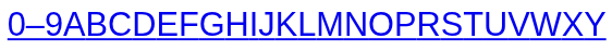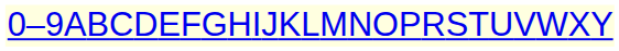 <table id="toc" class="toc" summary="Class">
 <tr>
 <th></th>
 </tr>
 <tr>
-<td style="text-align:center;"><a href='#'>0–9</a><a href='#'>A</a><a href='#'>B</a><a href='#'>C</a><a href='#'>D</a><a href='#'>E</a><a href='#'>F</a><a href='#'>G</a><a href='#'>H</a><a href='#'>I</a><a href='#'>J</a><a href='#'>K</a><a href='#'>L</a><a href='#'>M</a><a href='#'>N</a><a href='#'>O</a><a href='#'>P</a><a href='#'>R</a><a href='#'>S</a><a href='#'>T</a><a href='#'>U</a><a href='#'>V</a><a href='#'>W</a><a href='#'>X</a><a href='#'>Y</a></td>
+<td style="background: lightyellow; text-align:center;"><a href='#'>0–9</a><a href='#'>A</a><a href='#'>B</a><a href='#'>C</a><a href='#'>D</a><a href='#'>E</a><a href='#'>F</a><a href='#'>G</a><a href='#'>H</a><a href='#'>I</a><a href='#'>J</a><a href='#'>K</a><a href='#'>L</a><a href='#'>M</a><a href='#'>N</a><a href='#'>O</a><a href='#'>P</a><a href='#'>R</a><a href='#'>S</a><a href='#'>T</a><a href='#'>U</a><a href='#'>V</a><a href='#'>W</a><a href='#'>X</a><a href='#'>Y</a></td>
 </tr>
 </table>
